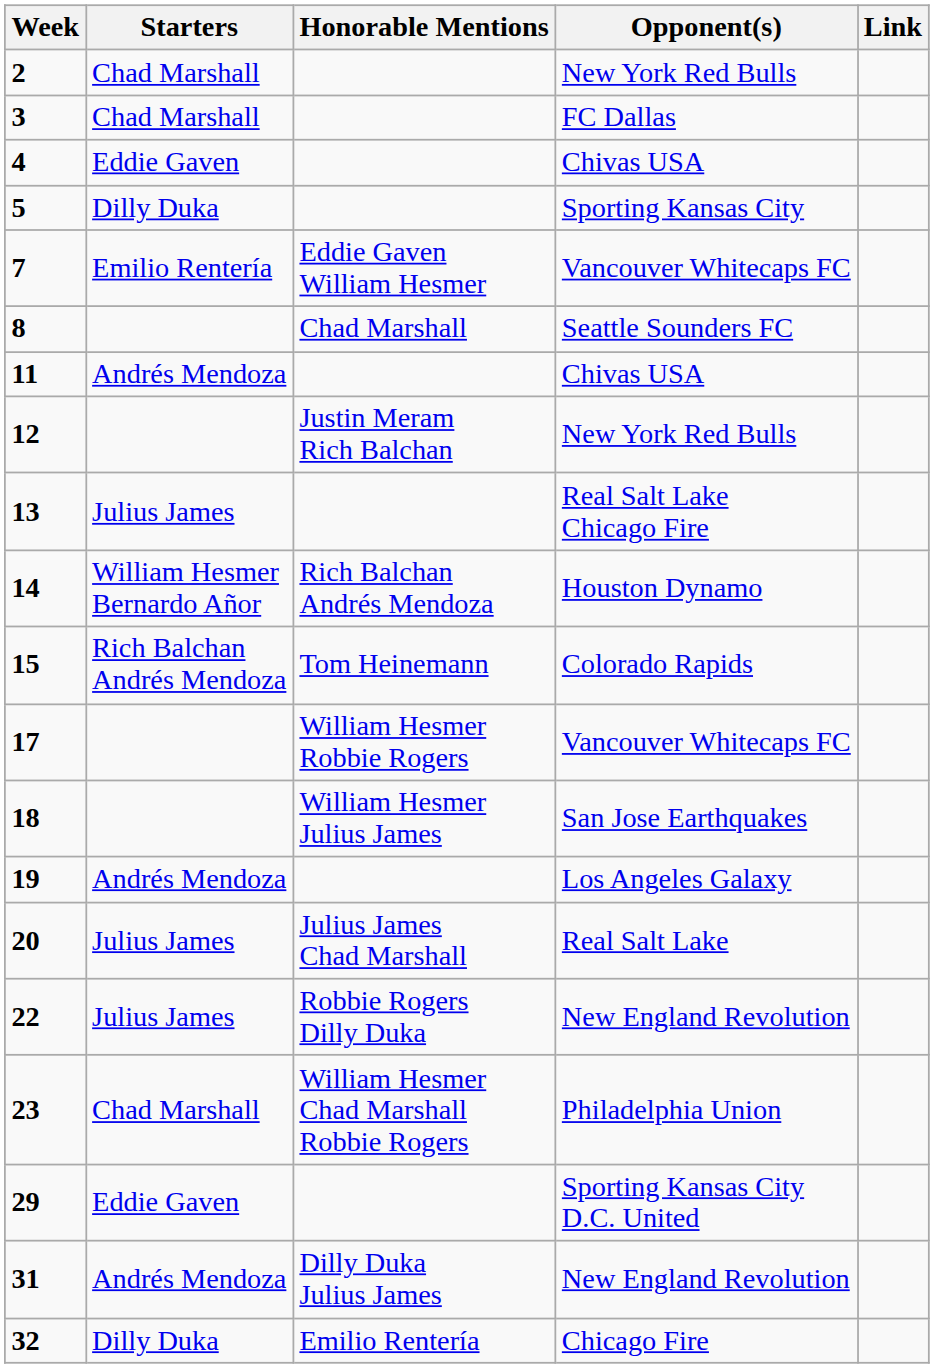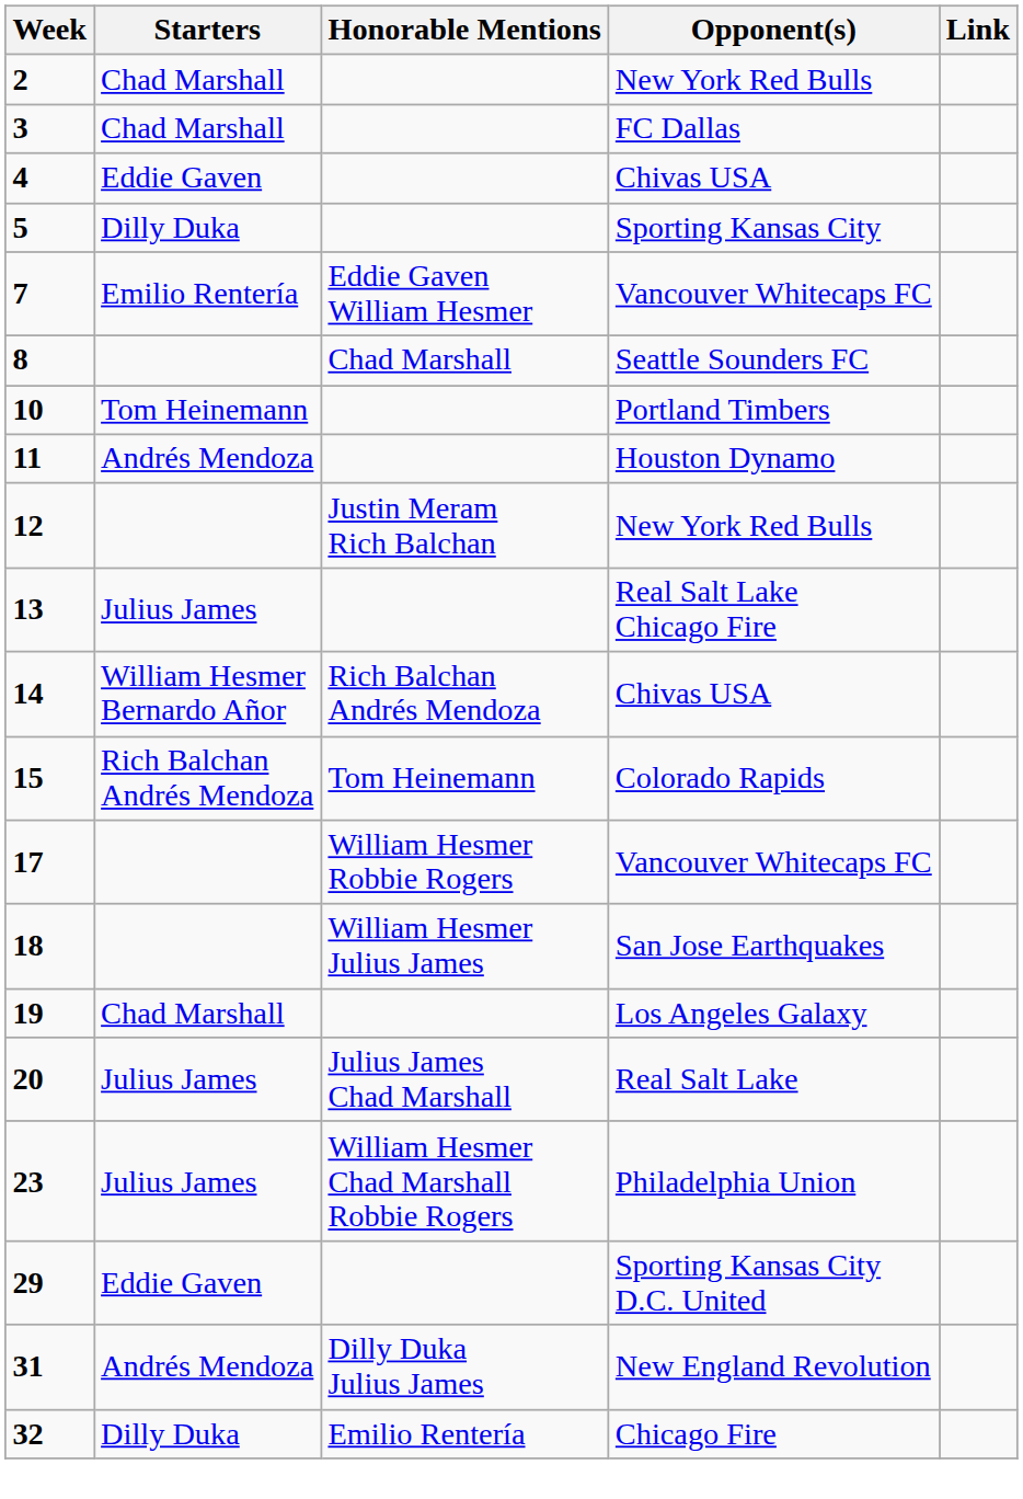 <table class=wikitable style="display:inline-table;">
 <tr>
 <th>Week</th>
 <th>Starters</th>
 <th>Honorable Mentions</th>
 <th>Opponent(s)</th>
 <th>Link</th>
 </tr>
 <tr>
 <td><strong>2</strong></td>
 <td> <a href='#'>Chad Marshall</a></td>
 <td></td>
 <td> <a href='#'>New York Red Bulls</a></td>
 <td></td>
 </tr>
 <tr>
 <td><strong>3</strong></td>
 <td> <a href='#'>Chad Marshall</a></td>
 <td></td>
 <td> <a href='#'>FC Dallas</a></td>
 <td></td>
 </tr>
 <tr>
 <td><strong>4</strong></td>
 <td> <a href='#'>Eddie Gaven</a></td>
 <td></td>
 <td> <a href='#'>Chivas USA</a></td>
 <td></td>
 </tr>
 <tr>
 <td><strong>5</strong></td>
 <td> <a href='#'>Dilly Duka</a></td>
 <td></td>
 <td> <a href='#'>Sporting Kansas City</a></td>
 <td></td>
 </tr>
 <tr>
 <td><strong>7</strong></td>
 <td> <a href='#'>Emilio Rentería</a></td>
 <td> <a href='#'>Eddie Gaven</a><br> <a href='#'>William Hesmer</a></td>
 <td> <a href='#'>Vancouver Whitecaps FC</a></td>
 <td></td>
 </tr>
 <tr>
 <td><strong>8</strong></td>
 <td></td>
 <td> <a href='#'>Chad Marshall</a></td>
 <td> <a href='#'>Seattle Sounders FC</a></td>
 <td></td>
 </tr>
 <tr>
+<td><strong>10</strong></td>
+<td> <a href='#'>Tom Heinemann</a></td>
+<td></td>
+<td> <a href='#'>Portland Timbers</a></td>
+<td></td>
+</tr>
+<tr>
 <td><strong>11</strong></td>
 <td> <a href='#'>Andrés Mendoza</a></td>
 <td></td>
-<td> <a href='#'>Chivas USA</a></td>
+<td> <a href='#'>Houston Dynamo</a></td>
 <td></td>
 </tr>
 <tr>
 <td><strong>12</strong></td>
 <td></td>
 <td> <a href='#'>Justin Meram</a><br> <a href='#'>Rich Balchan</a></td>
 <td> <a href='#'>New York Red Bulls</a></td>
 <td></td>
 </tr>
 <tr>
 <td><strong>13</strong></td>
 <td> <a href='#'>Julius James</a></td>
 <td></td>
 <td> <a href='#'>Real Salt Lake</a><br> <a href='#'>Chicago Fire</a></td>
 <td></td>
 </tr>
 <tr>
 <td><strong>14</strong></td>
 <td> <a href='#'>William Hesmer</a><br> <a href='#'>Bernardo Añor</a></td>
 <td> <a href='#'>Rich Balchan</a><br> <a href='#'>Andrés Mendoza</a></td>
-<td> <a href='#'>Houston Dynamo</a></td>
+<td> <a href='#'>Chivas USA</a></td>
 <td></td>
 </tr>
 <tr>
 <td><strong>15</strong></td>
 <td> <a href='#'>Rich Balchan</a><br> <a href='#'>Andrés Mendoza</a></td>
 <td> <a href='#'>Tom Heinemann</a></td>
 <td> <a href='#'>Colorado Rapids</a></td>
 <td></td>
 </tr>
 <tr>
 <td><strong>17</strong></td>
 <td></td>
 <td> <a href='#'>William Hesmer</a><br> <a href='#'>Robbie Rogers</a></td>
 <td> <a href='#'>Vancouver Whitecaps FC</a></td>
 <td></td>
 </tr>
 <tr>
 <td><strong>18</strong></td>
 <td></td>
 <td> <a href='#'>William Hesmer</a><br> <a href='#'>Julius James</a></td>
 <td> <a href='#'>San Jose Earthquakes</a></td>
 <td></td>
 </tr>
 <tr>
 <td><strong>19</strong></td>
-<td> <a href='#'>Andrés Mendoza</a></td>
+<td> <a href='#'>Chad Marshall</a></td>
 <td></td>
 <td> <a href='#'>Los Angeles Galaxy</a></td>
 <td></td>
 </tr>
 <tr>
 <td><strong>20</strong></td>
 <td> <a href='#'>Julius James</a></td>
 <td> <a href='#'>Julius James</a><br> <a href='#'>Chad Marshall</a></td>
 <td> <a href='#'>Real Salt Lake</a></td>
 <td></td>
 </tr>
 <tr>
-<td><strong>22</strong></td>
+<td><strong>23</strong></td>
 <td> <a href='#'>Julius James</a></td>
-<td> <a href='#'>Robbie Rogers</a><br> <a href='#'>Dilly Duka</a></td>
-<td> <a href='#'>New England Revolution</a></td>
-<td></td>
-</tr>
-<tr>
-<td><strong>23</strong></td>
-<td> <a href='#'>Chad Marshall</a></td>
 <td> <a href='#'>William Hesmer</a><br> <a href='#'>Chad Marshall</a><br> <a href='#'>Robbie Rogers</a></td>
 <td> <a href='#'>Philadelphia Union</a></td>
 <td></td>
 </tr>
 <tr>
 <td><strong>29</strong></td>
 <td> <a href='#'>Eddie Gaven</a></td>
 <td></td>
 <td> <a href='#'>Sporting Kansas City</a><br> <a href='#'>D.C. United</a></td>
 <td></td>
 </tr>
 <tr>
 <td><strong>31</strong></td>
 <td> <a href='#'>Andrés Mendoza</a></td>
 <td> <a href='#'>Dilly Duka</a><br> <a href='#'>Julius James</a></td>
 <td> <a href='#'>New England Revolution</a></td>
 <td></td>
 </tr>
 <tr>
 <td><strong>32</strong></td>
 <td> <a href='#'>Dilly Duka</a></td>
 <td> <a href='#'>Emilio Rentería</a></td>
 <td> <a href='#'>Chicago Fire</a></td>
 <td></td>
 </tr>
 </table>
